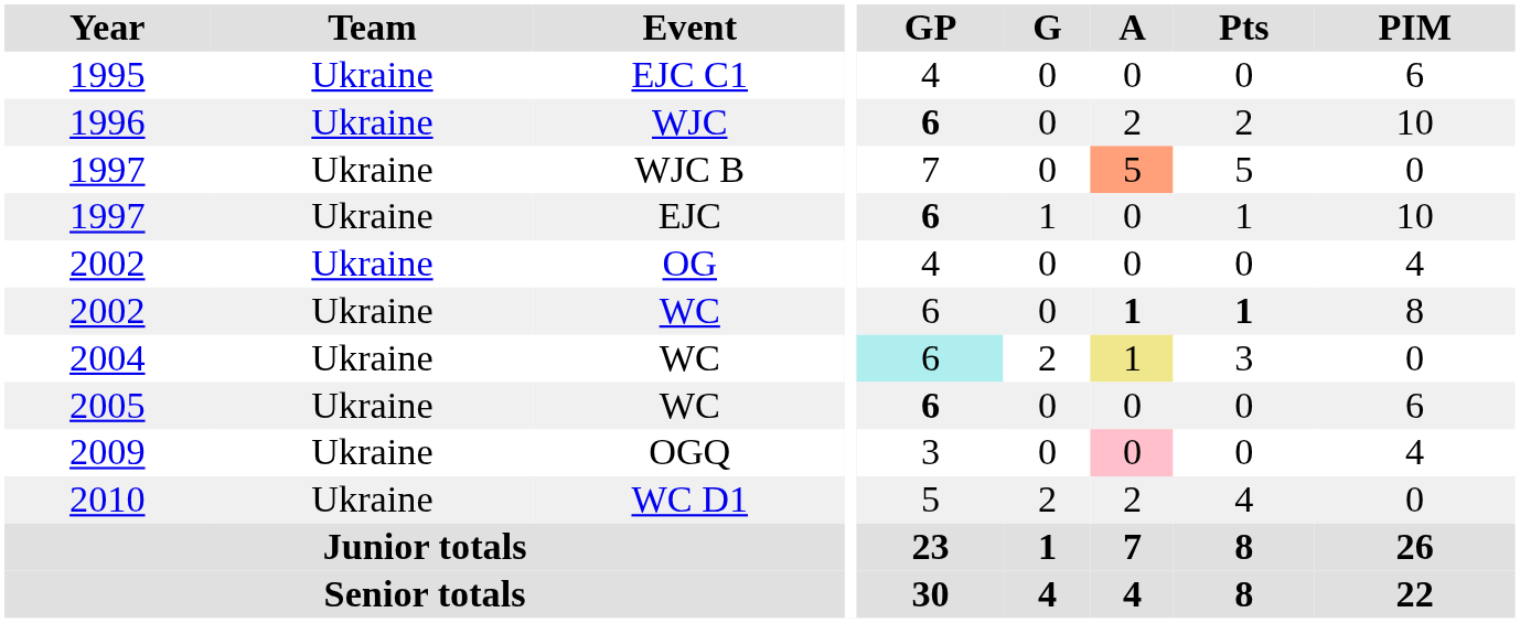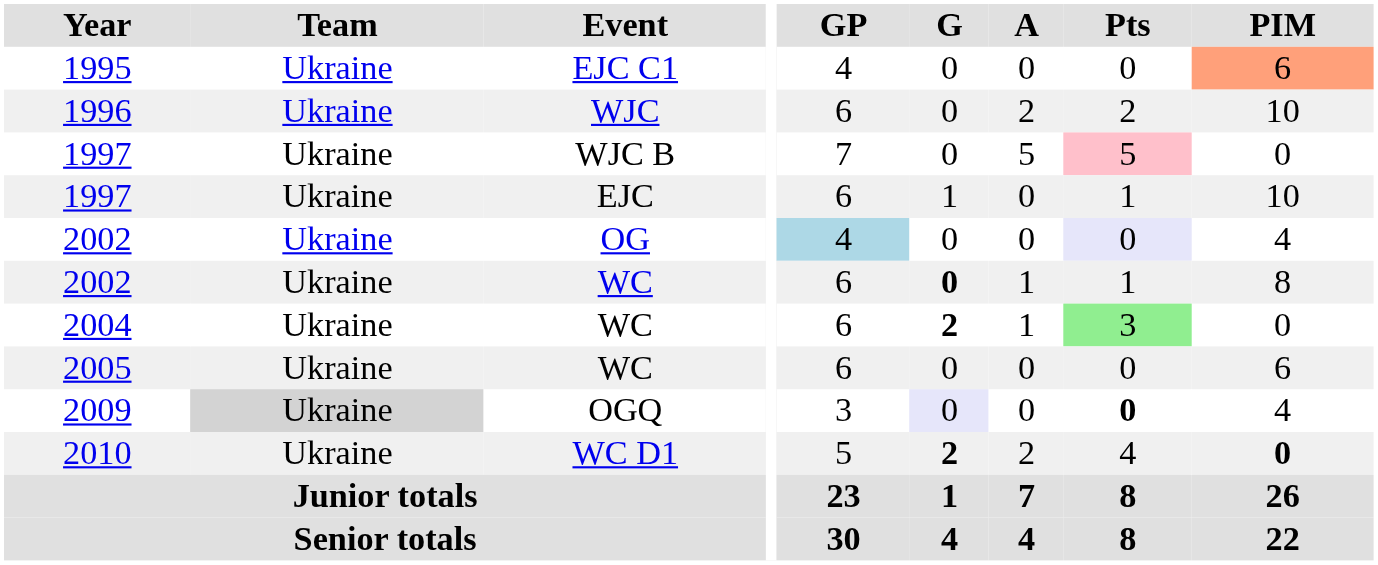 <table border="0" cellpadding="1" cellspacing="0" style="text-align:center; width:40em">
 <tr bgcolor="#e0e0e0">
 <th>Year</th>
 <th>Team</th>
 <th>Event</th>
 <th rowspan="99" bgcolor="#ffffff"></th>
 <th>GP</th>
 <th>G</th>
 <th>A</th>
 <th>Pts</th>
 <th>PIM</th>
 </tr>
 <tr>
 <td><a href='#'>1995</a></td>
 <td><a href='#'>Ukraine</a></td>
 <td><a href='#'>EJC C1</a></td>
 <td>4</td>
 <td>0</td>
 <td>0</td>
 <td>0</td>
-<td>6</td>
+<td style="background: lightsalmon;">6</td>
 </tr>
 <tr bgcolor="#f0f0f0">
 <td><a href='#'>1996</a></td>
 <td><a href='#'>Ukraine</a></td>
 <td><a href='#'>WJC</a></td>
-<td><strong>6</strong></td>
+<td>6</td>
 <td>0</td>
 <td>2</td>
 <td>2</td>
 <td>10</td>
 </tr>
 <tr>
 <td><a href='#'>1997</a></td>
 <td>Ukraine</td>
 <td>WJC B</td>
 <td>7</td>
 <td>0</td>
-<td style="background: lightsalmon;">5</td>
 <td>5</td>
+<td style="background: pink;">5</td>
 <td>0</td>
 </tr>
 <tr bgcolor="#f0f0f0">
 <td><a href='#'>1997</a></td>
 <td>Ukraine</td>
 <td>EJC</td>
-<td><strong>6</strong></td>
+<td>6</td>
 <td>1</td>
 <td>0</td>
 <td>1</td>
 <td>10</td>
 </tr>
 <tr>
 <td><a href='#'>2002</a></td>
 <td><a href='#'>Ukraine</a></td>
 <td><a href='#'>OG</a></td>
-<td>4</td>
+<td style="background: lightblue;">4</td>
 <td>0</td>
 <td>0</td>
-<td>0</td>
+<td style="background: lavender;">0</td>
 <td>4</td>
 </tr>
 <tr bgcolor="#f0f0f0">
 <td><a href='#'>2002</a></td>
 <td>Ukraine</td>
 <td><a href='#'>WC</a></td>
 <td>6</td>
-<td>0</td>
-<td><strong>1</strong></td>
-<td><strong>1</strong></td>
+<td><strong>0</strong></td>
+<td>1</td>
+<td>1</td>
 <td>8</td>
 </tr>
 <tr>
 <td><a href='#'>2004</a></td>
 <td>Ukraine</td>
 <td>WC</td>
-<td style="background: paleturquoise;">6</td>
-<td>2</td>
-<td style="background: khaki;">1</td>
-<td>3</td>
+<td>6</td>
+<td><strong>2</strong></td>
+<td>1</td>
+<td style="background: lightgreen;">3</td>
 <td>0</td>
 </tr>
 <tr bgcolor="#f0f0f0">
 <td><a href='#'>2005</a></td>
 <td>Ukraine</td>
 <td>WC</td>
-<td><strong>6</strong></td>
+<td>6</td>
 <td>0</td>
 <td>0</td>
 <td>0</td>
 <td>6</td>
 </tr>
 <tr>
 <td><a href='#'>2009</a></td>
-<td>Ukraine</td>
+<td style="background: lightgrey;">Ukraine</td>
 <td>OGQ</td>
 <td>3</td>
+<td style="background: lavender;">0</td>
 <td>0</td>
-<td style="background: pink;">0</td>
-<td>0</td>
+<td><strong>0</strong></td>
 <td>4</td>
 </tr>
 <tr bgcolor="#f0f0f0">
 <td><a href='#'>2010</a></td>
 <td>Ukraine</td>
 <td><a href='#'>WC D1</a></td>
 <td>5</td>
-<td>2</td>
+<td><strong>2</strong></td>
 <td>2</td>
 <td>4</td>
-<td>0</td>
+<td><strong>0</strong></td>
 </tr>
 <tr bgcolor="#e0e0e0">
 <th colspan="3">Junior totals</th>
 <th>23</th>
 <th>1</th>
 <th>7</th>
 <th>8</th>
 <th>26</th>
 </tr>
 <tr bgcolor="#e0e0e0">
 <th colspan="3">Senior totals</th>
 <th>30</th>
 <th>4</th>
 <th>4</th>
 <th>8</th>
 <th>22</th>
 </tr>
 </table>
